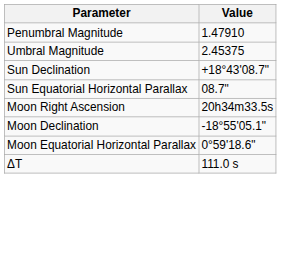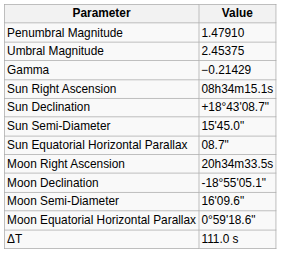 <table class="wikitable">
 <tr>
 <th>Parameter</th>
 <th>Value</th>
 </tr>
 <tr>
 <td>Penumbral Magnitude</td>
 <td>1.47910</td>
 </tr>
 <tr>
 <td>Umbral Magnitude</td>
 <td>2.45375</td>
 </tr>
 <tr>
+<td>Gamma</td>
+<td>−0.21429</td>
+</tr>
+<tr>
+<td>Sun Right Ascension</td>
+<td>08h34m15.1s</td>
+</tr>
+<tr>
 <td>Sun Declination</td>
 <td>+18°43'08.7"</td>
+</tr>
+<tr>
+<td>Sun Semi-Diameter</td>
+<td>15'45.0"</td>
 </tr>
 <tr>
 <td>Sun Equatorial Horizontal Parallax</td>
 <td>08.7"</td>
 </tr>
 <tr>
 <td>Moon Right Ascension</td>
 <td>20h34m33.5s</td>
 </tr>
 <tr>
 <td>Moon Declination</td>
 <td>-18°55'05.1"</td>
 </tr>
 <tr>
+<td>Moon Semi-Diameter</td>
+<td>16'09.6"</td>
+</tr>
+<tr>
 <td>Moon Equatorial Horizontal Parallax</td>
 <td>0°59'18.6"</td>
 </tr>
 <tr>
 <td>ΔT</td>
 <td>111.0 s</td>
 </tr>
 </table>
